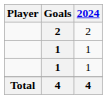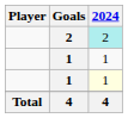 <table class="wikitable sortable" style="text-align:center;">
 <tr>
 <th>Player</th>
 <th>Goals</th>
 <th><a href='#'>2024</a></th>
 </tr>
 <tr>
 <td style="text-align:left;"></td>
 <th>2</th>
-<td>2</td>
+<td style="background: paleturquoise;">2</td>
 </tr>
 <tr>
 <td style="text-align:left;"></td>
 <th>1</th>
 <td>1</td>
 </tr>
 <tr>
 <td style="text-align:left;"></td>
 <th>1</th>
-<td>1</td>
+<td style="background: lightyellow;">1</td>
 </tr>
 <tr>
 </tr>
 <tr class="sortbottom">
 <th>Total</th>
 <th>4</th>
 <th>4</th>
 </tr>
 </table>
